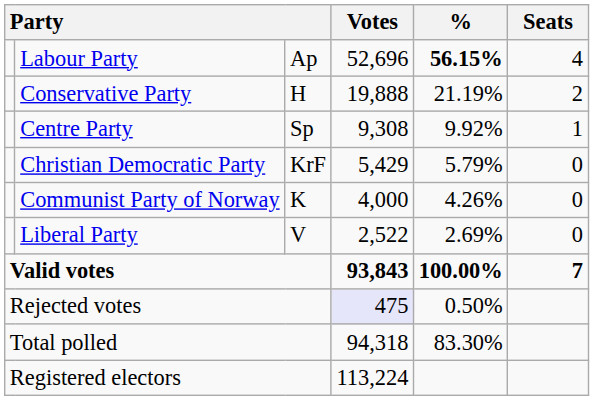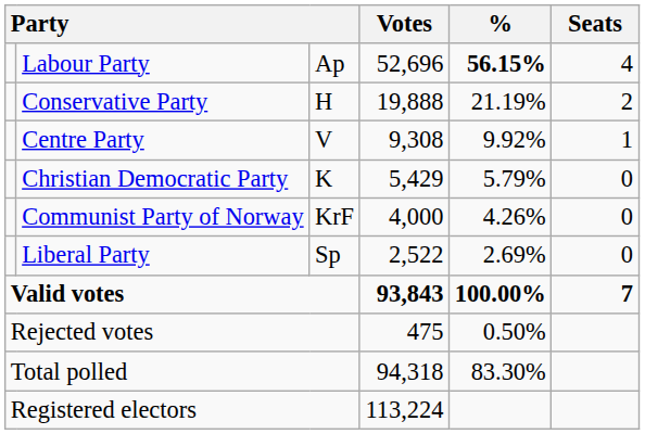 <table class="wikitable" border="1" style="text-align:right;">
 <tr>
 <th style="text-align:left;" colspan=3>Party</th>
 <th align=center width="50">Votes</th>
 <th align=center width="50">%</th>
 <th align=center width="50">Seats</th>
 </tr>
 <tr>
 <td style="color:inherit;background:"></td>
 <td align=left><a href='#'>Labour Party</a></td>
 <td align=left>Ap</td>
 <td>52,696</td>
 <td><strong>56.15%</strong></td>
 <td>4</td>
 </tr>
 <tr>
 <td style="color:inherit;background:"></td>
 <td align=left><a href='#'>Conservative Party</a></td>
 <td align=left>H</td>
 <td>19,888</td>
 <td>21.19%</td>
 <td>2</td>
 </tr>
 <tr>
 <td style="color:inherit;background:"></td>
 <td align=left><a href='#'>Centre Party</a></td>
-<td align=left>Sp</td>
+<td align=left>V</td>
 <td>9,308</td>
 <td>9.92%</td>
 <td>1</td>
 </tr>
 <tr>
 <td style="color:inherit;background:"></td>
 <td align=left><a href='#'>Christian Democratic Party</a></td>
-<td align=left>KrF</td>
+<td align=left>K</td>
 <td>5,429</td>
 <td>5.79%</td>
 <td>0</td>
 </tr>
 <tr>
 <td style="color:inherit;background:"></td>
 <td align=left><a href='#'>Communist Party of Norway</a></td>
-<td align=left>K</td>
+<td align=left>KrF</td>
 <td>4,000</td>
 <td>4.26%</td>
 <td>0</td>
 </tr>
 <tr>
 <td style="color:inherit;background:"></td>
 <td align=left><a href='#'>Liberal Party</a></td>
-<td align=left>V</td>
+<td align=left>Sp</td>
 <td>2,522</td>
 <td>2.69%</td>
 <td>0</td>
 </tr>
 <tr style="font-weight:bold">
 <td align=left colspan=3>Valid votes</td>
 <td>93,843</td>
 <td>100.00%</td>
 <td>7</td>
 </tr>
 <tr>
 <td align=left colspan=3>Rejected votes</td>
-<td style="background: lavender;">475</td>
+<td>475</td>
 <td>0.50%</td>
 <td></td>
 </tr>
 <tr>
 <td align=left colspan=3>Total polled</td>
 <td>94,318</td>
 <td>83.30%</td>
 <td></td>
 </tr>
 <tr>
 <td align=left colspan=3>Registered electors</td>
 <td>113,224</td>
 <td></td>
 <td></td>
 </tr>
 </table>
